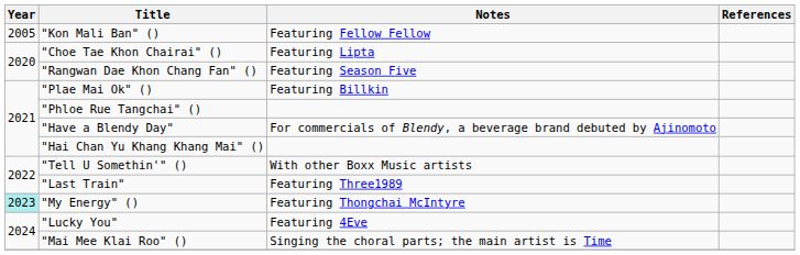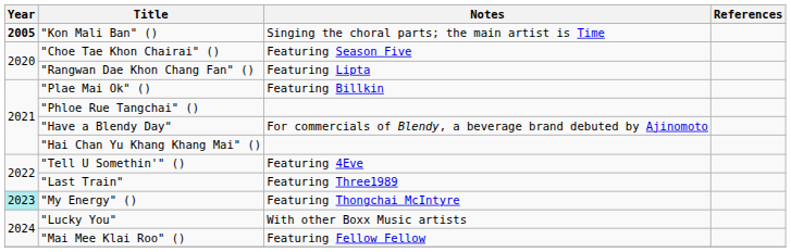 <table class="wikitable">
 <tr>
 <th>Year</th>
 <th>Title</th>
 <th>Notes</th>
 <th>References</th>
 </tr>
 <tr>
-<td>2005</td>
+<td><strong>2005</strong></td>
 <td>"Kon Mali Ban" ()</td>
-<td>Featuring <a href='#'>Fellow Fellow</a></td>
+<td>Singing the choral parts; the main artist is <a href='#'>Time</a></td>
 <td></td>
 </tr>
 <tr>
 <td rowspan=2>2020</td>
 <td>"Choe Tae Khon Chairai" ()</td>
-<td>Featuring <a href='#'>Lipta</a></td>
+<td>Featuring <a href='#'>Season Five</a></td>
 <td></td>
 </tr>
 <tr>
 <td>"Rangwan Dae Khon Chang Fan" ()</td>
-<td>Featuring <a href='#'>Season Five</a></td>
+<td>Featuring <a href='#'>Lipta</a></td>
 <td></td>
 </tr>
 <tr>
 <td rowspan=4>2021</td>
 <td>"Plae Mai Ok" ()</td>
 <td>Featuring <a href='#'>Billkin</a></td>
 <td></td>
 </tr>
 <tr>
 <td>"Phloe Rue Tangchai" ()</td>
 <td></td>
 <td></td>
 </tr>
 <tr>
 <td>"Have a Blendy Day"</td>
 <td>For commercials of <em>Blendy</em>, a beverage brand debuted by <a href='#'>Ajinomoto</a></td>
 <td></td>
 </tr>
 <tr>
 <td>"Hai Chan Yu Khang Khang Mai" ()</td>
 <td></td>
 <td></td>
 </tr>
 <tr>
 <td rowspan=2>2022</td>
 <td>"Tell U Somethin'" ()</td>
-<td>With other Boxx Music artists</td>
+<td>Featuring <a href='#'>4Eve</a></td>
 <td></td>
 </tr>
 <tr>
 <td>"Last Train"</td>
 <td>Featuring <a href='#'>Three1989</a></td>
 <td></td>
 </tr>
 <tr>
 <td rowspan=1 style="background: paleturquoise;">2023</td>
 <td>"My Energy" ()</td>
 <td>Featuring <a href='#'>Thongchai McIntyre</a></td>
 <td></td>
 </tr>
 <tr>
 <td rowspan=2>2024</td>
 <td>"Lucky You"</td>
-<td>Featuring <a href='#'>4Eve</a></td>
+<td>With other Boxx Music artists</td>
 <td></td>
 </tr>
 <tr>
 <td>"Mai Mee Klai Roo" ()</td>
-<td>Singing the choral parts; the main artist is <a href='#'>Time</a></td>
+<td>Featuring <a href='#'>Fellow Fellow</a></td>
 <td></td>
 </tr>
 <tr>
 </tr>
 </table>
